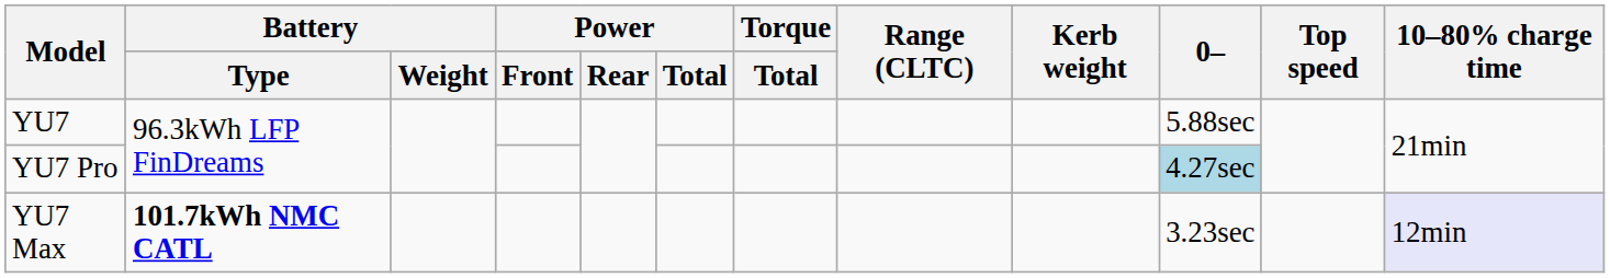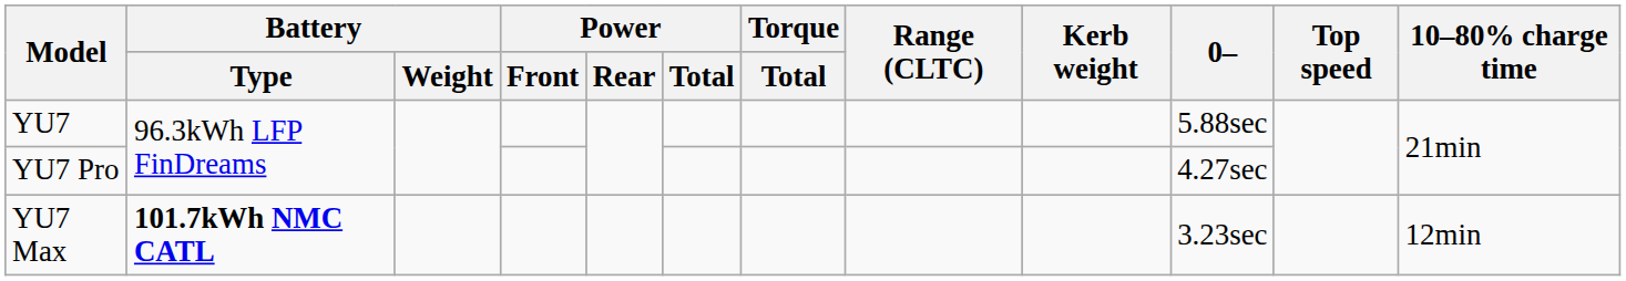 <table class="wikitable">
 <tr>
 <th rowspan="2">Model</th>
 <th colspan="2">Battery</th>
 <th colspan="3">Power</th>
 <th>Torque</th>
 <th rowspan="2">Range (CLTC)</th>
 <th rowspan="2">Kerb weight</th>
 <th rowspan="2">0–</th>
 <th rowspan="2">Top speed</th>
 <th rowspan="2">10–80% charge time</th>
 </tr>
 <tr>
 <th>Type</th>
 <th>Weight</th>
 <th>Front</th>
 <th>Rear</th>
 <th>Total</th>
 <th>Total</th>
 </tr>
 <tr>
 <td>YU7</td>
 <td rowspan="2">96.3kWh <a href='#'>LFP</a> <a href='#'>FinDreams</a></td>
 <td rowspan="2"></td>
 <td></td>
 <td rowspan="2"></td>
 <td></td>
 <td></td>
 <td></td>
 <td></td>
 <td>5.88sec</td>
 <td rowspan="2"></td>
 <td rowspan="2">21min</td>
 </tr>
 <tr>
 <td>YU7 Pro</td>
 <td></td>
 <td></td>
 <td></td>
 <td></td>
 <td></td>
-<td style="background: lightblue;">4.27sec</td>
+<td>4.27sec</td>
 </tr>
 <tr>
 <td>YU7 Max</td>
 <td><strong>101.7kWh <a href='#'>NMC</a> <a href='#'>CATL</a></strong></td>
 <td></td>
 <td></td>
 <td></td>
 <td></td>
 <td></td>
 <td></td>
 <td></td>
 <td>3.23sec</td>
 <td></td>
-<td style="background: lavender;">12min</td>
+<td>12min</td>
 </tr>
 </table>
